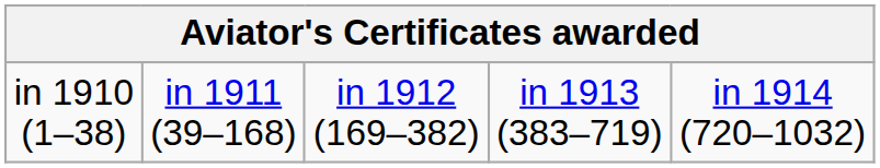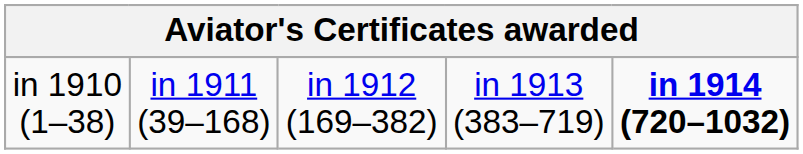 <table class="wikitable">
 <tr>
 <th colspan=5>Aviator's Certificates awarded</th>
 </tr>
 <tr>
 <td align="center">in 1910<br>(1–38)</td>
 <td align="center"><a href='#'>in 1911</a><br>(39–168)</td>
 <td align="center"><a href='#'>in 1912</a><br>(169–382)</td>
 <td align="center"><a href='#'>in 1913</a><br>(383–719)</td>
-<td align="center"><a href='#'>in 1914</a><br>(720–1032)</td>
+<td align="center"><strong><a href='#'>in 1914</a><br>(720–1032)</strong></td>
 </tr>
 </table>
